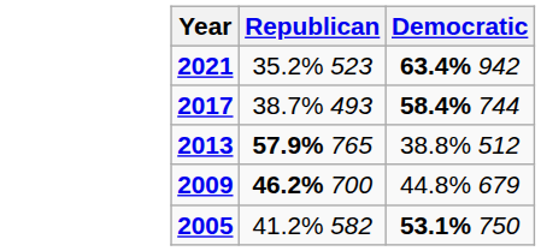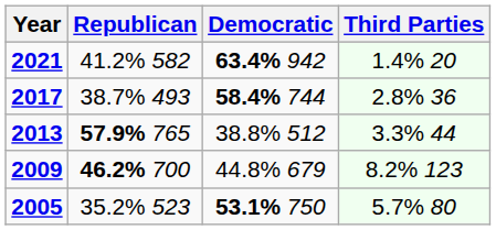 <table class="wikitable" style="float:right; font-size:95%;">
 <tr bgcolor=lightgrey>
 <th>Year</th>
 <th><a href='#'>Republican</a></th>
 <th><a href='#'>Democratic</a></th>
+<th><a href='#'>Third Parties</a></th>
 </tr>
 <tr>
 <td style="text-align:center; "><strong><a href='#'>2021</a></strong></td>
-<td style="text-align:center; ">35.2% <em>523</em></td>
+<td style="text-align:center; ">41.2% <em>582</em></td>
 <td style="text-align:center; "><strong>63.4%</strong>  <em>942</em></td>
+<td style="text-align:center; background:honeyDew;">1.4% <em>20</em></td>
 </tr>
 <tr>
 <td style="text-align:center; "><strong><a href='#'>2017</a></strong></td>
 <td style="text-align:center; ">38.7% <em>493</em></td>
 <td style="text-align:center; "><strong>58.4%</strong>  <em>744</em></td>
+<td style="text-align:center; background:honeyDew;">2.8% <em>36</em></td>
 </tr>
 <tr>
 <td style="text-align:center; "><strong><a href='#'>2013</a></strong></td>
 <td style="text-align:center; "><strong>57.9%</strong> <em>765</em></td>
 <td style="text-align:center; ">38.8%  <em>512</em></td>
+<td style="text-align:center; background:honeyDew;">3.3% <em>44</em></td>
 </tr>
 <tr>
 <td style="text-align:center; "><strong><a href='#'>2009</a></strong></td>
 <td style="text-align:center; "><strong>46.2%</strong> <em>700</em></td>
 <td style="text-align:center; ">44.8%  <em>679</em></td>
+<td style="text-align:center; background:honeyDew;">8.2% <em>123</em></td>
 </tr>
 <tr>
 <td style="text-align:center; "><strong><a href='#'>2005</a></strong></td>
-<td style="text-align:center; ">41.2% <em>582</em></td>
+<td style="text-align:center; ">35.2% <em>523</em></td>
 <td style="text-align:center; "><strong>53.1%</strong> <em>750</em></td>
+<td style="text-align:center; background:honeyDew;">5.7% <em>80</em></td>
 </tr>
 </table>
